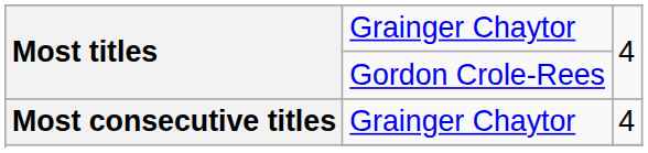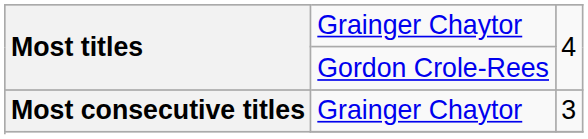 <table class=wikitable>
 <tr>
 <th rowspan = 2 style="text-align:left;">Most titles</th>
 <td> <a href='#'>Grainger Chaytor</a></td>
 <td rowspan = 2 style="text-align:center;">4</td>
 </tr>
 <tr>
 <td> <a href='#'>Gordon Crole-Rees</a></td>
 </tr>
 <tr>
 <th rowspan = 2 style="text-align:left;">Most consecutive titles<br> </th>
 <td> <a href='#'>Grainger Chaytor</a><br></td>
-<td style="text-align:center;">4</td>
+<td style="text-align:center;">3</td>
 </tr>
 <tr>
 </tr>
 </table>
